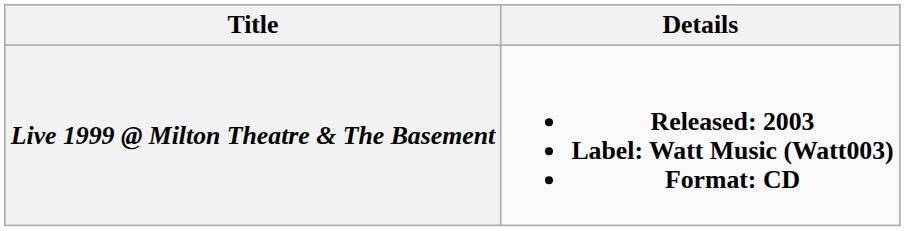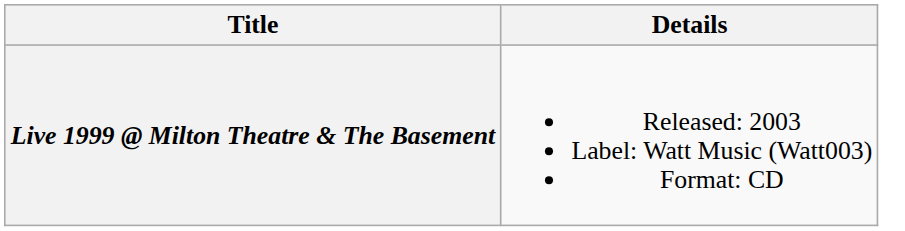 <table class="wikitable plainrowheaders" style="text-align:center;" border="1">
 <tr>
 <th scope="col">Title</th>
 <th scope="col">Details</th>
 </tr>
 <tr>
 <th scope="row"><em>Live 1999 @ Milton Theatre & The Basement</em></th>
-<td><strong><br><ul><li>Released: 2003</li><li>Label: Watt Music (Watt003)</li><li>Format: CD</li></ul></strong></td>
+<td><br><ul><li>Released: 2003</li><li>Label: Watt Music (Watt003)</li><li>Format: CD</li></ul></td>
 </tr>
 </table>
